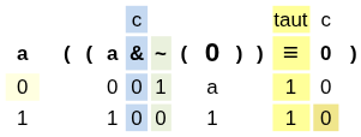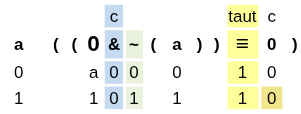 <table style="margin-left: auto; margin-right: auto; border: none;">
 <tr style="font-size:9pt; text-align:center">
 <td width="18.75" Height="12"></td>
 <td width="4.5"></td>
 <td width="9"></td>
 <td width="9"></td>
 <td width="10.5"></td>
 <td style="background-color:#C5D9F1" width="10.5">c</td>
 <td width="9.75"></td>
 <td width="9.75"></td>
 <td width="15.75"></td>
 <td width="8.25"></td>
 <td width="8.25"></td>
 <td style="background-color:#FFFF99" width="18">taut</td>
 <td width="13.5">c</td>
 <td width="11.25"></td>
 </tr>
 <tr style="font-weight:bold" align="center">
 <td style="font-size:9pt" Height="15">a</td>
 <td style="font-size:9pt"></td>
 <td style="font-size:9pt">(</td>
 <td style="font-size:9pt">(</td>
-<td style="font-size:9pt">a</td>
+<td>0</td>
 <td style="background-color:#C5D9F1;font-size:9pt">&</td>
 <td style="background-color:#EAF1DD;font-size:9pt">~</td>
 <td style="font-size:9pt">(</td>
-<td>0</td>
+<td style="font-size:9pt">a</td>
 <td style="font-size:9pt">)</td>
 <td style="font-size:9pt">)</td>
 <td style="background-color:#FFFF99">≡</td>
 <td style="font-size:9pt">0</td>
 <td style="font-size:9pt">)</td>
 </tr>
 <tr style="font-size:9pt" align="center">
-<td Height="12" style="background: lightyellow;">0</td>
+<td Height="12">0</td>
 <td></td>
 <td></td>
 <td></td>
+<td style="font-size:9pt">a</td>
+<td style="background-color:#C5D9F1">0</td>
+<td style="background-color:#EAF1DD">0</td>
+<td></td>
 <td>0</td>
-<td style="background-color:#C5D9F1">0</td>
-<td style="background-color:#EAF1DD">1</td>
-<td></td>
-<td style="font-size:9pt">a</td>
 <td></td>
 <td></td>
 <td style="background-color:#FFFF99">1</td>
 <td>0</td>
 <td></td>
 </tr>
 <tr style="font-size:9pt" align="center">
 <td Height="12">1</td>
 <td></td>
 <td></td>
 <td></td>
 <td>1</td>
 <td style="background-color:#C5D9F1">0</td>
-<td style="background-color:#EAF1DD">0</td>
+<td style="background-color:#EAF1DD">1</td>
 <td></td>
 <td>1</td>
 <td></td>
 <td></td>
 <td style="background-color:#FFFF99">1</td>
 <td style="background: khaki;">0</td>
 <td></td>
 </tr>
 </table>
